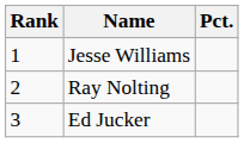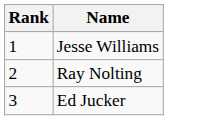 <table class="wikitable">
 <tr>
 <th>Rank</th>
 <th>Name</th>
-<th>Pct.</th>
 </tr>
 <tr>
 <td>1</td>
 <td>Jesse Williams</td>
-<td></td>
 </tr>
 <tr>
 <td>2</td>
 <td>Ray Nolting</td>
-<td></td>
 </tr>
 <tr>
 <td>3</td>
 <td>Ed Jucker</td>
-<td></td>
 </tr>
 </table>
